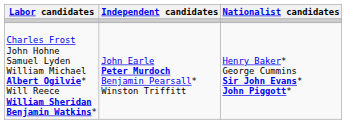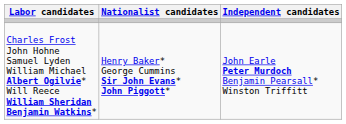 <table class="wikitable">
 <tr>
 <th><a href='#'>Labor</a> candidates</th>
+<th><a href='#'>Nationalist</a> candidates</th>
 <th><a href='#'>Independent</a> candidates</th>
-<th><a href='#'>Nationalist</a> candidates</th>
 </tr>
 <tr bgcolor="#cccccc">
 <td></td>
 <td></td>
 <td></td>
 </tr>
 <tr>
 <td><br><a href='#'>Charles Frost</a><br> John Hohne<br> Samuel Lyden<br> William Michael<br> <strong><a href='#'>Albert Ogilvie</a></strong>*<br> Will Reece<br> <strong><a href='#'>William Sheridan</a></strong><br> <strong><a href='#'>Benjamin Watkins</a></strong>*</td>
+<td><br><a href='#'>Henry Baker</a>*<br> George Cummins<br> <strong><a href='#'>Sir John Evans</a></strong>*<br> <strong><a href='#'>John Piggott</a></strong>*<br></td>
 <td><br><a href='#'>John Earle</a><br> <strong><a href='#'>Peter Murdoch</a></strong><br> <a href='#'>Benjamin Pearsall</a>*<br> Winston Triffitt</td>
-<td><br><a href='#'>Henry Baker</a>*<br> George Cummins<br> <strong><a href='#'>Sir John Evans</a></strong>*<br> <strong><a href='#'>John Piggott</a></strong>*<br></td>
 </tr>
 </table>
